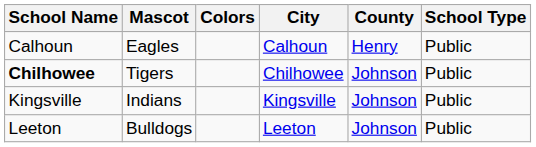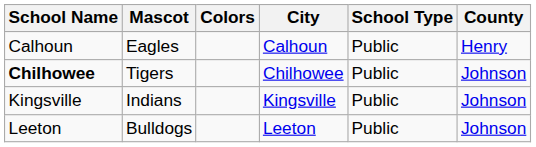 <table class="wikitable">
 <tr>
 <th>School Name</th>
 <th>Mascot</th>
 <th>Colors</th>
 <th>City</th>
+<th>School Type</th>
 <th>County</th>
-<th>School Type</th>
 </tr>
 <tr>
 <td>Calhoun</td>
 <td>Eagles</td>
 <td></td>
 <td><a href='#'>Calhoun</a></td>
+<td>Public</td>
 <td><a href='#'>Henry</a></td>
-<td>Public</td>
 </tr>
 <tr>
 <td><strong>Chilhowee</strong></td>
 <td>Tigers</td>
 <td></td>
 <td><a href='#'>Chilhowee</a></td>
+<td>Public</td>
 <td><a href='#'>Johnson</a></td>
-<td>Public</td>
 </tr>
 <tr>
 <td>Kingsville</td>
 <td>Indians</td>
 <td></td>
 <td><a href='#'>Kingsville</a></td>
+<td>Public</td>
 <td><a href='#'>Johnson</a></td>
-<td>Public</td>
 </tr>
 <tr>
 <td>Leeton</td>
 <td>Bulldogs</td>
 <td></td>
 <td><a href='#'>Leeton</a></td>
+<td>Public</td>
 <td><a href='#'>Johnson</a></td>
-<td>Public</td>
 </tr>
 </table>
